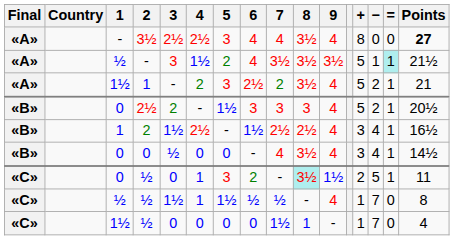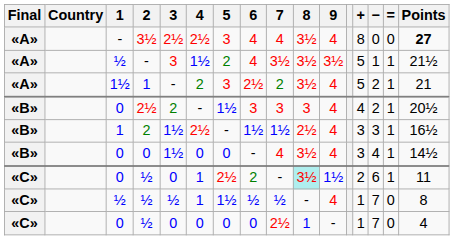 <table class="wikitable" style="text-align:center">
 <tr>
 <th>Final</th>
 <th>Country</th>
 <th>1</th>
 <th>2</th>
 <th>3</th>
 <th>4</th>
 <th>5</th>
 <th>6</th>
 <th>7</th>
 <th>8</th>
 <th>9</th>
 <th></th>
 <th>+</th>
 <th>−</th>
 <th>=</th>
 <th>Points</th>
 </tr>
 <tr>
 <th>«A»</th>
 <td style="text-align: left"></td>
 <td>-</td>
 <td style="color: red;">3½</td>
 <td style="color: red;">2½</td>
 <td style="color: red;">2½</td>
 <td style="color: red;">3</td>
 <td style="color: red;">4</td>
 <td style="color: red;">4</td>
 <td style="color: red;">3½</td>
 <td style="color: red;">4</td>
 <th></th>
 <td>8</td>
 <td>0</td>
 <td>0</td>
 <td><strong>27</strong></td>
 </tr>
 <tr>
 <th>«A»</th>
 <td style="text-align: left"></td>
 <td style="color: blue;">½</td>
 <td>-</td>
 <td style="color: red;">3</td>
 <td style="color: blue;">1½</td>
 <td style="color: green">2</td>
 <td style="color: red;">4</td>
 <td style="color: red;">3½</td>
 <td style="color: red;">3½</td>
 <td style="color: red;">3½</td>
 <th></th>
 <td>5</td>
 <td>1</td>
-<td style="background: paleturquoise;">1</td>
+<td>1</td>
 <td>21½</td>
 </tr>
 <tr>
 <th>«A»</th>
 <td style="text-align: left"></td>
 <td style="color: blue;">1½</td>
 <td style="color: blue;">1</td>
 <td>-</td>
 <td style="color: green">2</td>
 <td style="color: red;">3</td>
 <td style="color: red;">2½</td>
 <td style="color: green">2</td>
 <td style="color: red;">3½</td>
 <td style="color: red;">4</td>
 <th></th>
 <td>5</td>
 <td>2</td>
 <td>1</td>
 <td>21</td>
 </tr>
 <tr style="border-top:2px solid grey;">
 <th>«B»</th>
 <td style="text-align: left"></td>
 <td style="color: blue;">0</td>
 <td style="color: red;">2½</td>
 <td style="color: green">2</td>
 <td>-</td>
 <td style="color: blue;">1½</td>
 <td style="color: red;">3</td>
 <td style="color: red;">3</td>
 <td style="color: red;">3</td>
 <td style="color: red;">4</td>
 <th></th>
-<td>5</td>
+<td>4</td>
 <td>2</td>
 <td>1</td>
 <td>20½</td>
 </tr>
 <tr>
 <th>«B»</th>
 <td style="text-align: left"></td>
 <td style="color: blue;">1</td>
 <td style="color: green">2</td>
 <td style="color: blue;">1½</td>
 <td style="color: red;">2½</td>
 <td>-</td>
 <td style="color: blue;">1½</td>
-<td style="color: red;">2½</td>
+<td style="color: blue;">1½</td>
 <td style="color: red;">2½</td>
 <td style="color: red;">4</td>
 <th></th>
 <td>3</td>
-<td>4</td>
+<td>3</td>
 <td>1</td>
 <td>16½</td>
 </tr>
 <tr>
 <th>«B»</th>
 <td style="text-align: left"></td>
 <td style="color: blue;">0</td>
 <td style="color: blue;">0</td>
-<td style="color: blue;">½</td>
+<td style="color: blue;">1½</td>
 <td style="color: blue;">0</td>
 <td style="color: blue;">0</td>
 <td>-</td>
 <td style="color: red;">4</td>
 <td style="color: red;">3½</td>
 <td style="color: red;">4</td>
 <th></th>
 <td>3</td>
 <td>4</td>
 <td>1</td>
 <td>14½</td>
 </tr>
 <tr style="border-top:2px solid grey;">
 <th>«C»</th>
 <td style="text-align: left"></td>
 <td style="color: blue;">0</td>
 <td style="color: blue;">½</td>
 <td style="color: blue;">0</td>
 <td style="color: blue;">1</td>
-<td style="color: red;">3</td>
+<td style="color: red;">2½</td>
 <td style="color: green">2</td>
 <td>-</td>
 <td style="background: paleturquoise; color: red;">3½</td>
 <td style="color: blue;">1½</td>
 <th></th>
 <td>2</td>
-<td>5</td>
+<td>6</td>
 <td>1</td>
 <td>11</td>
 </tr>
 <tr>
 <th>«C»</th>
 <td style="text-align: left"></td>
 <td style="color: blue;">½</td>
 <td style="color: blue;">½</td>
-<td style="color: blue;">1½</td>
+<td style="color: blue;">½</td>
 <td style="color: blue;">1</td>
 <td style="color: blue;">1½</td>
 <td style="color: blue;">½</td>
 <td style="color: blue;">½</td>
 <td>-</td>
 <td style="color: red;">4</td>
 <th></th>
 <td>1</td>
 <td>7</td>
 <td>0</td>
 <td>8</td>
 </tr>
 <tr>
 <th>«C»</th>
 <td style="text-align: left"></td>
-<td style="color: blue;">1½</td>
+<td style="color: blue;">0</td>
 <td style="color: blue;">½</td>
 <td style="color: blue;">0</td>
 <td style="color: blue;">0</td>
 <td style="color: blue;">0</td>
 <td style="color: blue;">0</td>
-<td style="color: blue;">1½</td>
+<td style="color: red;">2½</td>
 <td style="color: blue;">1</td>
 <td>-</td>
 <th></th>
 <td>1</td>
 <td>7</td>
 <td>0</td>
 <td>4</td>
 </tr>
 </table>
